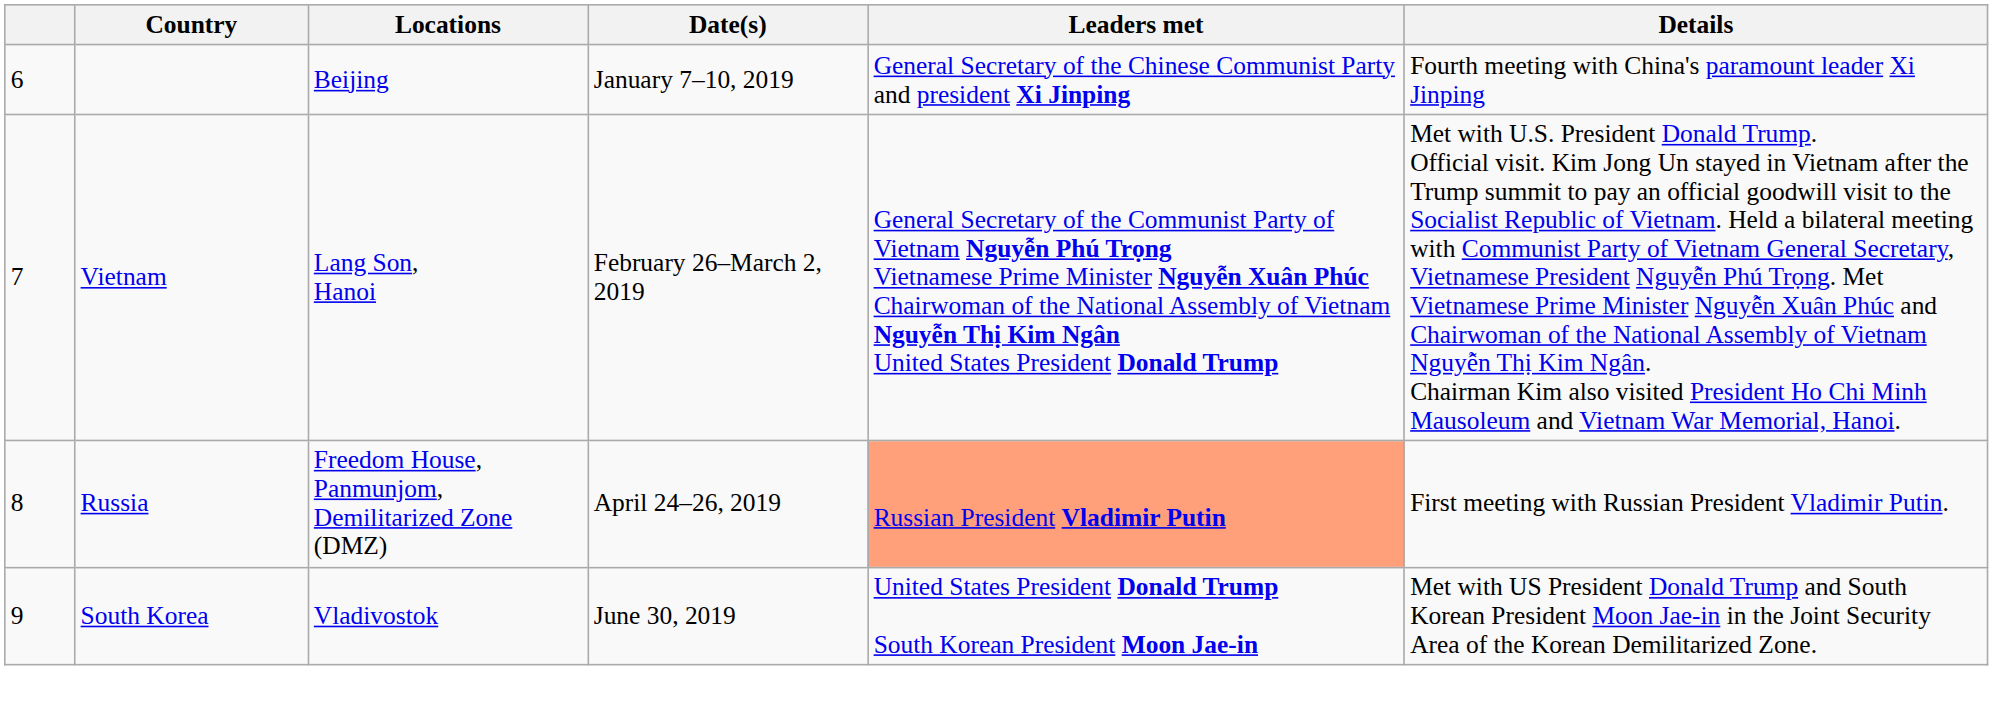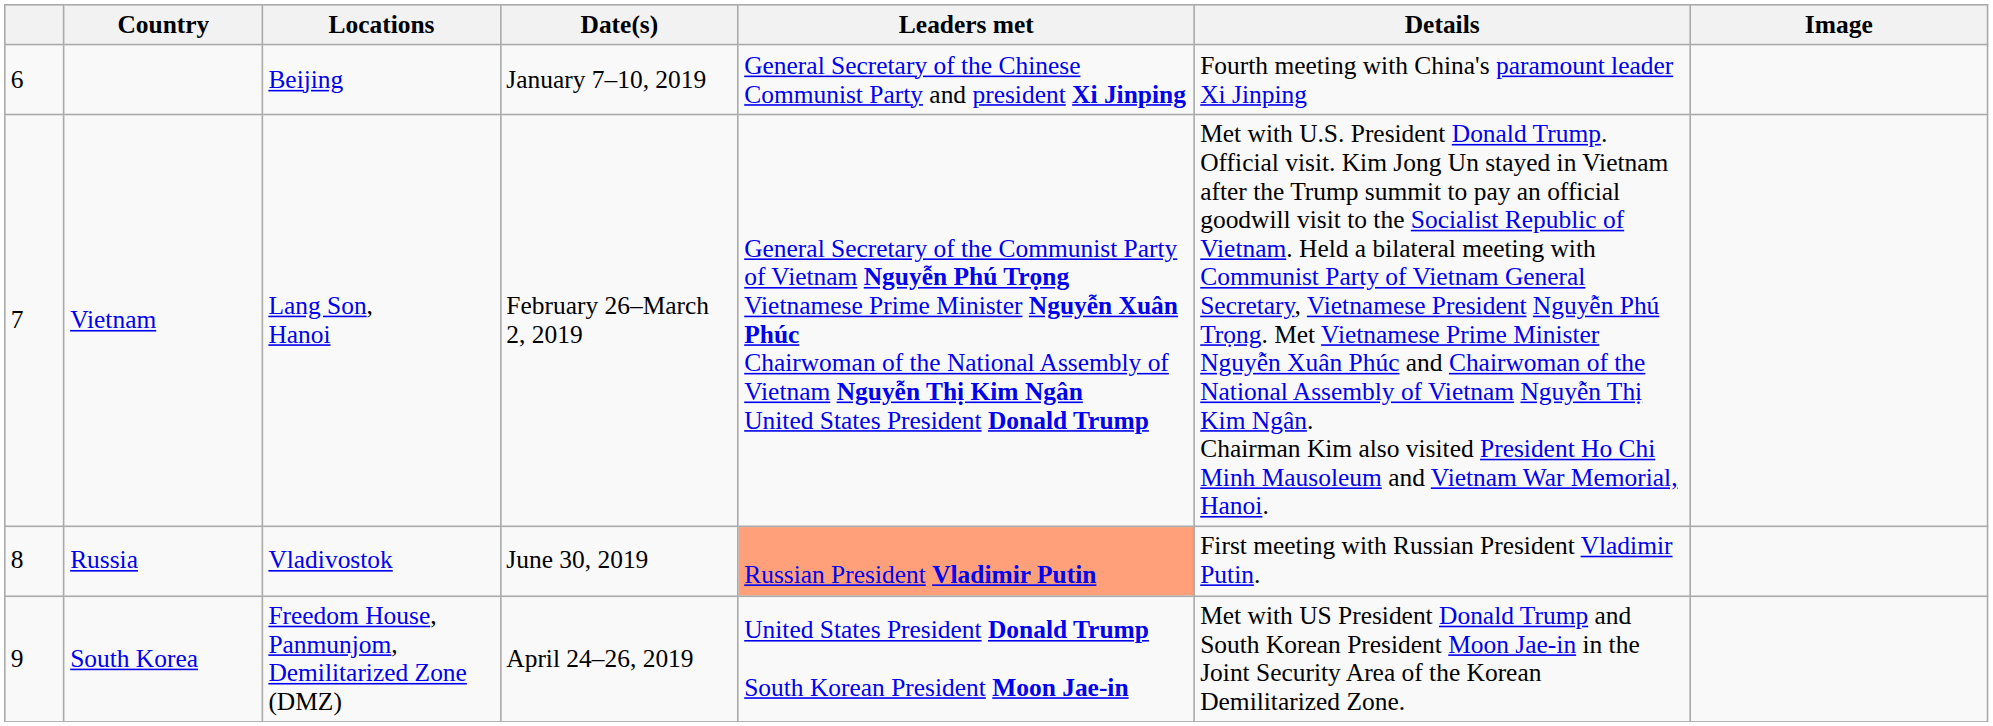 <table class="wikitable">
 <tr>
 <th style="width: 3%;"></th>
 <th style="width: 10%;">Country</th>
 <th style="width: 12%;">Locations</th>
 <th style="width: 12%;">Date(s)</th>
 <th style="width: 23%;">Leaders met</th>
 <th style="width: 25%;">Details</th>
+<th style="width: 15%;">Image</th>
 </tr>
 <tr>
 <td>6</td>
 <td></td>
 <td><a href='#'>Beijing</a></td>
 <td>January 7–10, 2019</td>
 <td> <a href='#'>General Secretary of the Chinese Communist Party</a> and <a href='#'>president</a> <strong><a href='#'>Xi Jinping</a></strong></td>
 <td>Fourth meeting with China's <a href='#'>paramount leader</a> <a href='#'>Xi Jinping</a></td>
+<td></td>
 </tr>
 <tr>
 <td>7</td>
 <td> <a href='#'>Vietnam</a></td>
 <td><a href='#'>Lang Son</a>,<br> <a href='#'>Hanoi</a></td>
 <td>February 26–March 2, 2019</td>
 <td><br> <a href='#'>General Secretary of the Communist Party of Vietnam</a> <strong><a href='#'>Nguyễn Phú Trọng</a></strong><br>  <a href='#'>Vietnamese Prime Minister</a> <strong><a href='#'>Nguyễn Xuân Phúc</a></strong><br>  <a href='#'>Chairwoman of the National Assembly of Vietnam</a> <strong><a href='#'>Nguyễn Thị Kim Ngân</a></strong><br>  <a href='#'>United States President</a> <strong><a href='#'>Donald Trump</a></strong></td>
 <td>Met with U.S. President <a href='#'>Donald Trump</a>.<br>Official visit. Kim Jong Un stayed in Vietnam after the Trump summit to pay an official goodwill visit to the <a href='#'>Socialist Republic of Vietnam</a>. Held a bilateral meeting with <a href='#'>Communist Party of Vietnam General Secretary</a>, <a href='#'>Vietnamese President</a> <a href='#'>Nguyễn Phú Trọng</a>. Met <a href='#'>Vietnamese Prime Minister</a> <a href='#'>Nguyễn Xuân Phúc</a> and <a href='#'>Chairwoman of the National Assembly of Vietnam</a> <a href='#'>Nguyễn Thị Kim Ngân</a>.<br>Chairman Kim also visited <a href='#'>President Ho Chi Minh Mausoleum</a> and <a href='#'>Vietnam War Memorial, Hanoi</a>.</td>
+<td></td>
 </tr>
 <tr>
 <td>8</td>
 <td> <a href='#'>Russia</a></td>
-<td><a href='#'>Freedom House</a>, <a href='#'>Panmunjom</a>, <a href='#'>Demilitarized Zone</a> (DMZ)</td>
-<td>April 24–26, 2019</td>
+<td><a href='#'>Vladivostok</a></td>
+<td>June 30, 2019</td>
 <td style="background: lightsalmon;"><br> <a href='#'>Russian President</a> <strong><a href='#'>Vladimir Putin</a></strong></td>
 <td>First meeting with Russian President <a href='#'>Vladimir Putin</a>.</td>
+<td></td>
 </tr>
 <tr>
 <td>9</td>
 <td> <a href='#'>South Korea</a></td>
-<td><a href='#'>Vladivostok</a></td>
-<td>June 30, 2019</td>
+<td><a href='#'>Freedom House</a>, <a href='#'>Panmunjom</a>, <a href='#'>Demilitarized Zone</a> (DMZ)</td>
+<td>April 24–26, 2019</td>
 <td> <a href='#'>United States President</a> <strong><a href='#'>Donald Trump</a></strong><br><br> <a href='#'>South Korean President</a> <strong><a href='#'>Moon Jae-in</a></strong></td>
 <td>Met with US President <a href='#'>Donald Trump</a> and South Korean President <a href='#'>Moon Jae-in</a> in the Joint Security Area of the Korean Demilitarized Zone.</td>
+<td></td>
 </tr>
 </table>
